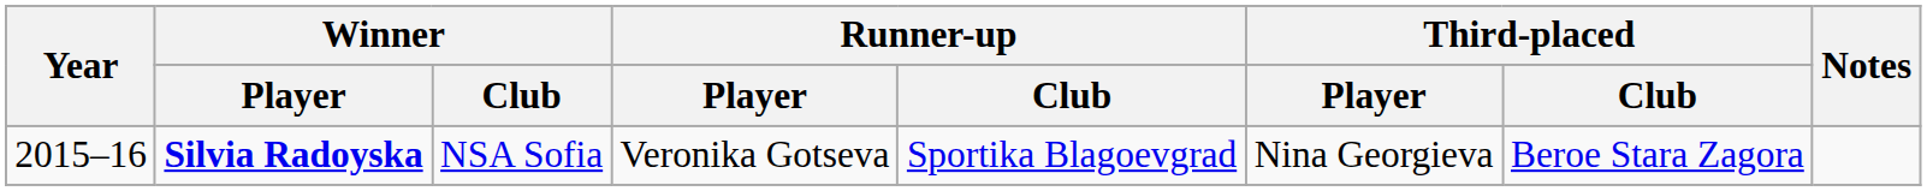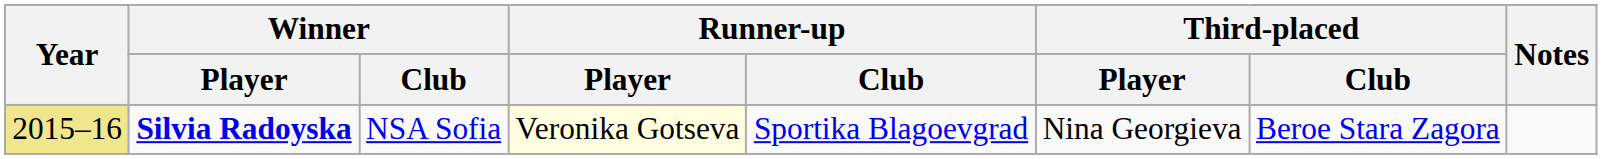 <table class="wikitable" | border="1" cellspacing="0" cellpadding="6">
 <tr align="center">
 <th rowspan="2">Year</th>
 <th colspan="2"><strong>Winner</strong></th>
 <th colspan="2">Runner-up</th>
 <th colspan="2">Third-placed</th>
 <th rowspan="2">Notes</th>
 </tr>
 <tr align="center">
 <th>Player</th>
 <th>Club</th>
 <th>Player</th>
 <th>Club</th>
 <th>Player</th>
 <th>Club</th>
 </tr>
 <tr>
-<td>2015–16</td>
+<td style="background: khaki;">2015–16</td>
 <td> <strong><a href='#'>Silvia Radoyska</a></strong></td>
 <td><a href='#'>NSA Sofia</a></td>
-<td> Veronika Gotseva</td>
+<td style="background: lightyellow;"> Veronika Gotseva</td>
 <td><a href='#'>Sportika Blagoevgrad</a></td>
 <td> Nina Georgieva</td>
 <td><a href='#'>Beroe Stara Zagora</a></td>
 <td></td>
 </tr>
 </table>
